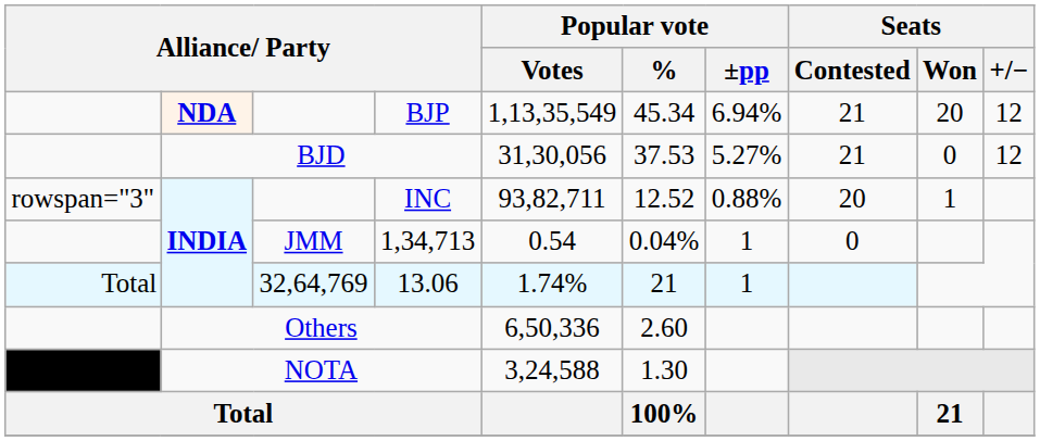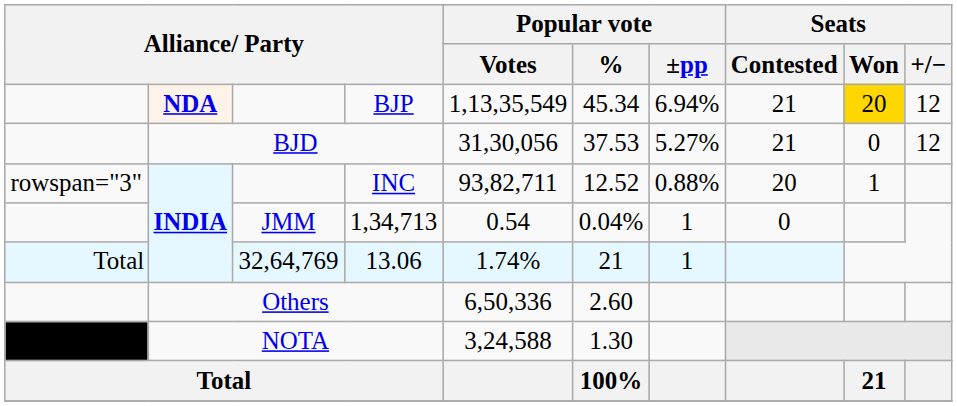 <table class="wikitable sortable" style="text-align:center;">
 <tr>
 <th colspan="4" rowspan="2">Alliance/ Party</th>
 <th colspan="3">Popular vote</th>
 <th colspan="3">Seats</th>
 </tr>
 <tr>
 <th>Votes</th>
 <th>%</th>
 <th>±<a href='#'>pp</a></th>
 <th>Contested</th>
 <th>Won</th>
 <th><strong>+/−</strong></th>
 </tr>
 <tr>
 <td></td>
 <th style="background:#fef3e8"><a href='#'>NDA</a></th>
 <td></td>
 <td><a href='#'>BJP</a></td>
 <td>1,13,35,549</td>
 <td>45.34</td>
 <td> 6.94%</td>
 <td>21</td>
-<td>20</td>
+<td style="background: gold;">20</td>
 <td>12</td>
 </tr>
 <tr>
 <td></td>
 <td colspan="3"><a href='#'>BJD</a></td>
 <td>31,30,056</td>
 <td>37.53</td>
 <td> 5.27%</td>
 <td>21</td>
 <td>0</td>
 <td>12</td>
 </tr>
 <tr>
 <td>rowspan="3" </td>
 <th rowspan="3"style="background:#E5F8FF"><a href='#'>INDIA</a></th>
 <td></td>
 <td><a href='#'>INC</a></td>
 <td>93,82,711</td>
 <td>12.52</td>
 <td> 0.88%</td>
 <td>20</td>
 <td>1</td>
 <td></td>
 </tr>
 <tr>
 <td></td>
 <td><a href='#'>JMM</a></td>
 <td>1,34,713</td>
 <td>0.54</td>
 <td> 0.04%</td>
 <td>1</td>
 <td>0</td>
 <td></td>
 </tr>
 <tr>
 <td colspan="2"style="background:#E5F8FF">Total</td>
 <td style="background:#E5F8FF">32,64,769</td>
 <td style="background:#E5F8FF">13.06</td>
 <td style="background:#E5F8FF"> 1.74%</td>
 <td style="background:#E5F8FF">21</td>
 <td style="background:#E5F8FF">1</td>
 <td style="background:#E5F8FF"></td>
 </tr>
 <tr>
 <td></td>
 <td colspan="3"><a href='#'>Others</a></td>
 <td>6,50,336</td>
 <td>2.60</td>
 <td></td>
 <td></td>
 <td></td>
 <td></td>
 </tr>
 <tr>
 <td bgcolor="Black"></td>
 <td colspan="3"><a href='#'>NOTA</a></td>
 <td>3,24,588</td>
 <td>1.30</td>
 <td></td>
 <th colspan="3" style="background-color:#E9E9E9"></th>
 </tr>
 <tr>
 <th colspan="4">Total</th>
 <th></th>
 <th>100%</th>
 <th></th>
 <th></th>
 <th>21</th>
 <th></th>
 </tr>
 <tr>
 </tr>
 </table>
